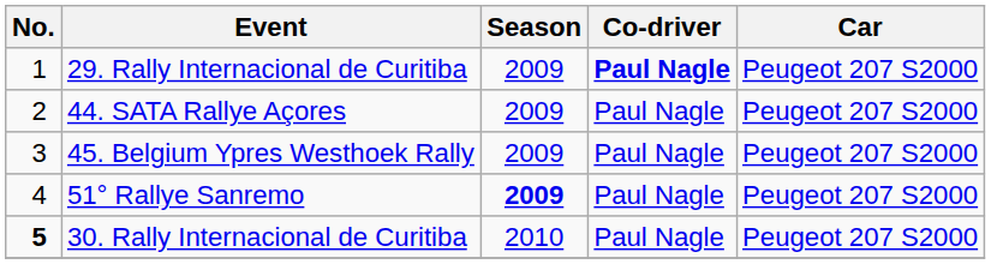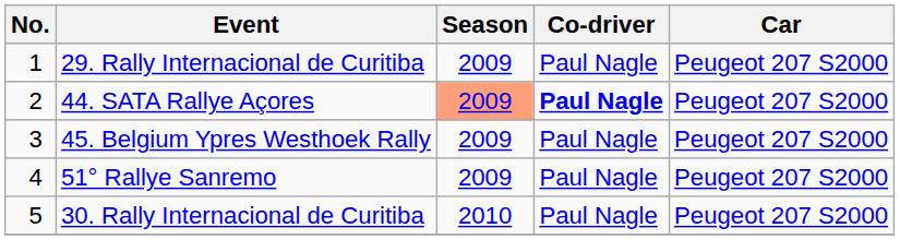 <table class="wikitable" style=" font-size: 95%; max-width: 49em;">
 <tr>
 <th>No.</th>
 <th>Event</th>
 <th>Season</th>
 <th>Co-driver</th>
 <th>Car</th>
 </tr>
 <tr>
 <td align="right" style="padding-right: 0.5em;">1</td>
 <td> <a href='#'>29. Rally Internacional de Curitiba</a></td>
 <td align="center"><a href='#'>2009</a></td>
-<td><strong> <a href='#'>Paul Nagle</a></strong></td>
+<td> <a href='#'>Paul Nagle</a></td>
 <td><a href='#'>Peugeot 207 S2000</a></td>
 </tr>
 <tr>
 <td align="right" style="padding-right: 0.5em;">2</td>
 <td> <a href='#'>44. SATA Rallye Açores</a></td>
-<td align="center"><a href='#'>2009</a></td>
-<td> <a href='#'>Paul Nagle</a></td>
+<td align="center" style="background: lightsalmon;"><a href='#'>2009</a></td>
+<td><strong> <a href='#'>Paul Nagle</a></strong></td>
 <td><a href='#'>Peugeot 207 S2000</a></td>
 </tr>
 <tr>
 <td align="right" style="padding-right: 0.5em;">3</td>
 <td> <a href='#'>45. Belgium Ypres Westhoek Rally</a></td>
 <td align="center"><a href='#'>2009</a></td>
 <td> <a href='#'>Paul Nagle</a></td>
 <td><a href='#'>Peugeot 207 S2000</a></td>
 </tr>
 <tr>
 <td align="right" style="padding-right: 0.5em;">4</td>
 <td> <a href='#'>51° Rallye Sanremo</a></td>
-<td align="center"><strong><a href='#'>2009</a></strong></td>
+<td align="center"><a href='#'>2009</a></td>
 <td> <a href='#'>Paul Nagle</a></td>
 <td><a href='#'>Peugeot 207 S2000</a></td>
 </tr>
 <tr>
-<td align="right" style="padding-right: 0.5em;"><strong>5</strong></td>
+<td align="right" style="padding-right: 0.5em;">5</td>
 <td> <a href='#'>30. Rally Internacional de Curitiba</a></td>
 <td align="center"><a href='#'>2010</a></td>
 <td> <a href='#'>Paul Nagle</a></td>
 <td><a href='#'>Peugeot 207 S2000</a></td>
 </tr>
 <tr>
 </tr>
 </table>
